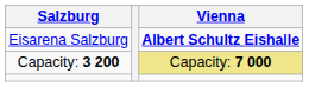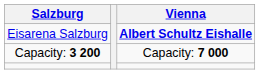 <table class="wikitable" style="text-align:center">
 <tr>
 <th><a href='#'>Salzburg</a></th>
 <th rowspan=4 colspan=2></th>
 <th><a href='#'>Vienna</a></th>
 </tr>
 <tr>
 <td><a href='#'>Eisarena Salzburg</a></td>
 <td><strong><a href='#'>Albert Schultz Eishalle</a></strong></td>
 </tr>
 <tr>
 <td>Capacity: <strong>3 200</strong></td>
-<td style="background: khaki;">Capacity: <strong>7 000</strong></td>
+<td>Capacity: <strong>7 000</strong></td>
 </tr>
 <tr>
 <td></td>
 <td></td>
 </tr>
 </table>
